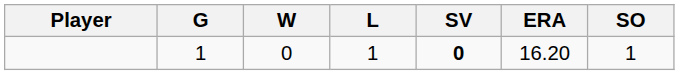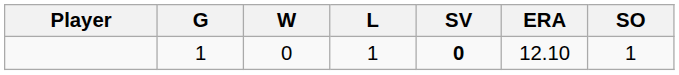 <table class="wikitable sortable">
 <tr>
 <th bgcolor="#DDDDFF" width="16%">Player</th>
 <th bgcolor="#DDDDFF" width="9%">G</th>
 <th bgcolor="#DDDDFF" width="9%">W</th>
 <th bgcolor="#DDDDFF" width="9%">L</th>
 <th bgcolor="#DDDDFF" width="9%">SV</th>
 <th bgcolor="#DDDDFF" width="9%">ERA</th>
 <th bgcolor="#DDDDFF" width="9%">SO</th>
 </tr>
 <tr align="center">
 <td></td>
 <td>1</td>
 <td>0</td>
 <td>1</td>
 <td><strong>0</strong></td>
-<td>16.20</td>
+<td>12.10</td>
 <td>1</td>
 </tr>
 </table>
